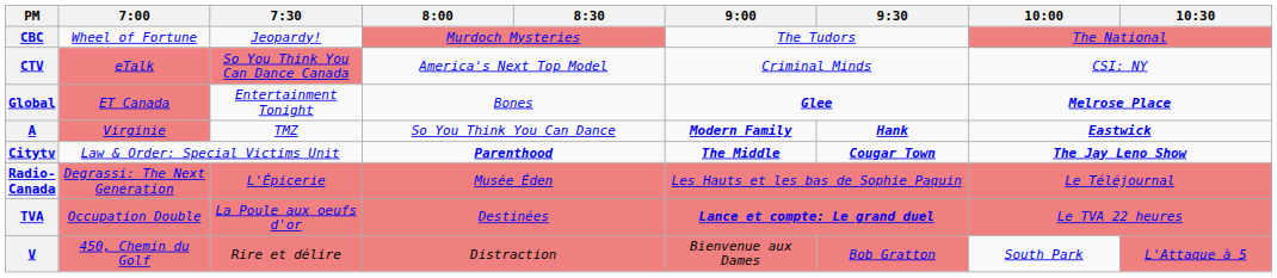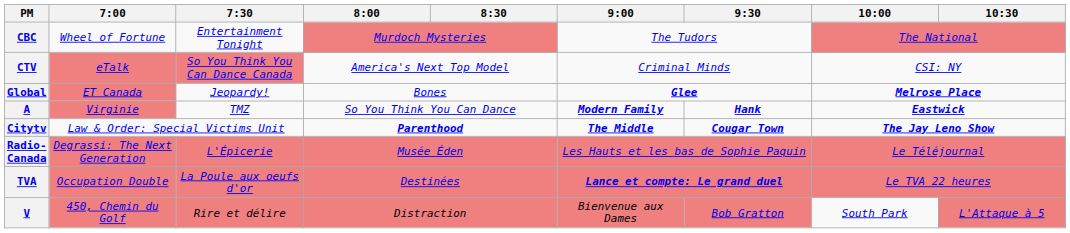 <table class="wikitable" style="width:100%;">
 <tr>
 <th style="width:4%;">PM</th>
 <th style="width:12%;">7:00</th>
 <th style="width:12%;">7:30</th>
 <th style="width:12%;">8:00</th>
 <th style="width:12%;">8:30</th>
 <th style="width:12%;">9:00</th>
 <th style="width:12%;">9:30</th>
 <th style="width:12%;">10:00</th>
 <th style="width:12%;">10:30</th>
 </tr>
 <tr style="text-align:center;">
 <th><a href='#'>CBC</a></th>
 <td style="text-align:center;"><em><a href='#'>Wheel of Fortune</a></em></td>
-<td style="text-align:center;"><em><a href='#'>Jeopardy!</a></em></td>
+<td style="text-align:center;"><em><a href='#'>Entertainment Tonight</a></em></td>
 <td colspan="2"  style="text-align:center; background:#f08080;"><em><a href='#'>Murdoch Mysteries</a></em></td>
 <td colspan="2" style="text-align:center;"><em><a href='#'>The Tudors</a></em></td>
 <td colspan="2"  style="text-align:center; background:#f08080;"><em><a href='#'>The National</a></em></td>
 </tr>
 <tr style="text-align:center;">
 <th><a href='#'>CTV</a></th>
 <td style="text-align:center; background:#f08080;"><em><a href='#'>eTalk</a></em></td>
 <td style="text-align:center; background:#f08080;"><em><a href='#'>So You Think You Can Dance Canada</a></em></td>
 <td colspan="2" style="text-align:center;"><em><a href='#'>America's Next Top Model</a></em></td>
 <td colspan="2" style="text-align:center;"><em><a href='#'>Criminal Minds</a></em></td>
 <td colspan="2" style="text-align:center;"><em><a href='#'>CSI: NY</a></em></td>
 </tr>
 <tr style="text-align:center;">
 <th><a href='#'>Global</a></th>
 <td style="text-align:center; background:#f08080;"><em><a href='#'>ET Canada</a></em></td>
-<td style="text-align:center;"><em><a href='#'>Entertainment Tonight</a></em></td>
+<td style="text-align:center;"><em><a href='#'>Jeopardy!</a></em></td>
 <td colspan="2" style="text-align:center;"><em><a href='#'>Bones</a></em></td>
 <td colspan="2" style="text-align:center;"><strong><em><a href='#'>Glee</a></em></strong></td>
 <td colspan="2" style="text-align:center;"><strong><em><a href='#'>Melrose Place</a></em></strong></td>
 </tr>
 <tr style="text-align:center;">
 <th><a href='#'>A</a></th>
 <td style="text-align:center; background:#f08080;"><em><a href='#'>Virginie</a></em></td>
 <td><em><a href='#'>TMZ</a></em></td>
 <td colspan="2" style="text-align:center;"><em><a href='#'>So You Think You Can Dance</a></em></td>
 <td style="text-align:center;"><strong><em><a href='#'>Modern Family</a></em></strong></td>
 <td style="text-align:center;"><strong><em><a href='#'>Hank</a></em></strong></td>
 <td colspan="2" style="text-align:center;"><strong><em><a href='#'>Eastwick</a></em></strong></td>
 </tr>
 <tr style="text-align:center;">
 <th><a href='#'>Citytv</a></th>
 <td colspan="2" style="text-align:center;"><em><a href='#'>Law & Order: Special Victims Unit</a></em></td>
 <td colspan="2" style="text-align:center;"><strong><em><a href='#'>Parenthood</a></em></strong></td>
 <td style="text-align:center;"><strong><em><a href='#'>The Middle</a></em></strong></td>
 <td style="text-align:center;"><strong><em><a href='#'>Cougar Town</a></em></strong></td>
 <td colspan="2" style="text-align:center;"><strong><em><a href='#'>The Jay Leno Show</a></em></strong></td>
 </tr>
 <tr style="text-align:center;">
 <th><a href='#'>Radio-Canada</a></th>
 <td style="background:#f08080;"><em><a href='#'>Degrassi: The Next Generation</a></em></td>
 <td style="text-align:center; background:#f08080;"><em><a href='#'>L'Épicerie</a></em></td>
 <td colspan="2"  style="text-align:center; background:#f08080;"><em><a href='#'>Musée Éden</a></em></td>
 <td colspan="2"  style="text-align:center; background:#f08080;"><em><a href='#'>Les Hauts et les bas de Sophie Paquin</a></em></td>
 <td colspan="2"  style="text-align:center; background:#f08080;"><em><a href='#'>Le Téléjournal</a></em></td>
 </tr>
 <tr style="text-align:center;">
 <th><a href='#'>TVA</a></th>
 <td style="text-align:center; background:#f08080;"><em><a href='#'>Occupation Double</a></em></td>
 <td style="text-align:center; background:#f08080;"><em><a href='#'>La Poule aux oeufs d'or</a></em></td>
 <td colspan="2"  style="text-align:center; background:#f08080;"><em><a href='#'>Destinées</a></em></td>
 <td colspan="2"  style="text-align:center; background:#f08080;"><strong><em><a href='#'>Lance et compte: Le grand duel</a></em></strong></td>
 <td colspan="2"  style="text-align:center; background:#f08080;"><em><a href='#'>Le TVA 22 heures</a></em></td>
 </tr>
 <tr style="text-align:center;">
 <th><a href='#'>V</a></th>
 <td style="text-align:center; background:#f08080;"><em><a href='#'>450, Chemin du Golf</a></em></td>
 <td style="text-align:center; background:#f08080;"><em>Rire et délire</em></td>
 <td colspan="2"  style="text-align:center; background:#f08080;"><em>Distraction</em></td>
 <td style="text-align:center; background:#f08080;"><em>Bienvenue aux Dames</em></td>
 <td style="text-align:center; background:#f08080;"><em><a href='#'>Bob Gratton</a></em></td>
 <td style="text-align:center;"><em><a href='#'>South Park</a></em></td>
 <td style="text-align:center; background:#f08080;"><em><a href='#'>L'Attaque à 5</a></em></td>
 </tr>
 </table>
